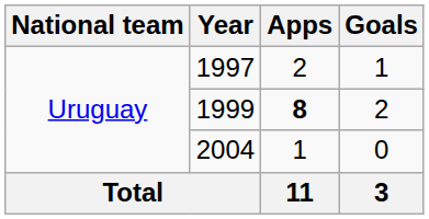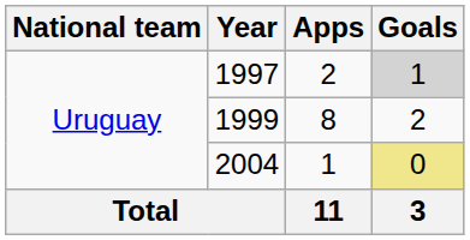 <table class="wikitable" style="text-align:center">
 <tr>
 <th>National team</th>
 <th>Year</th>
 <th>Apps</th>
 <th>Goals</th>
 </tr>
 <tr>
 <td rowspan=3><a href='#'>Uruguay</a></td>
 <td>1997</td>
 <td>2</td>
-<td>1</td>
+<td style="background: lightgrey;">1</td>
 </tr>
 <tr>
 <td>1999</td>
-<td><strong>8</strong></td>
+<td>8</td>
 <td>2</td>
 </tr>
 <tr>
 <td>2004</td>
 <td>1</td>
-<td>0</td>
+<td style="background: khaki;">0</td>
 </tr>
 <tr>
 <th colspan=2>Total</th>
 <th>11</th>
 <th>3</th>
 </tr>
 </table>
